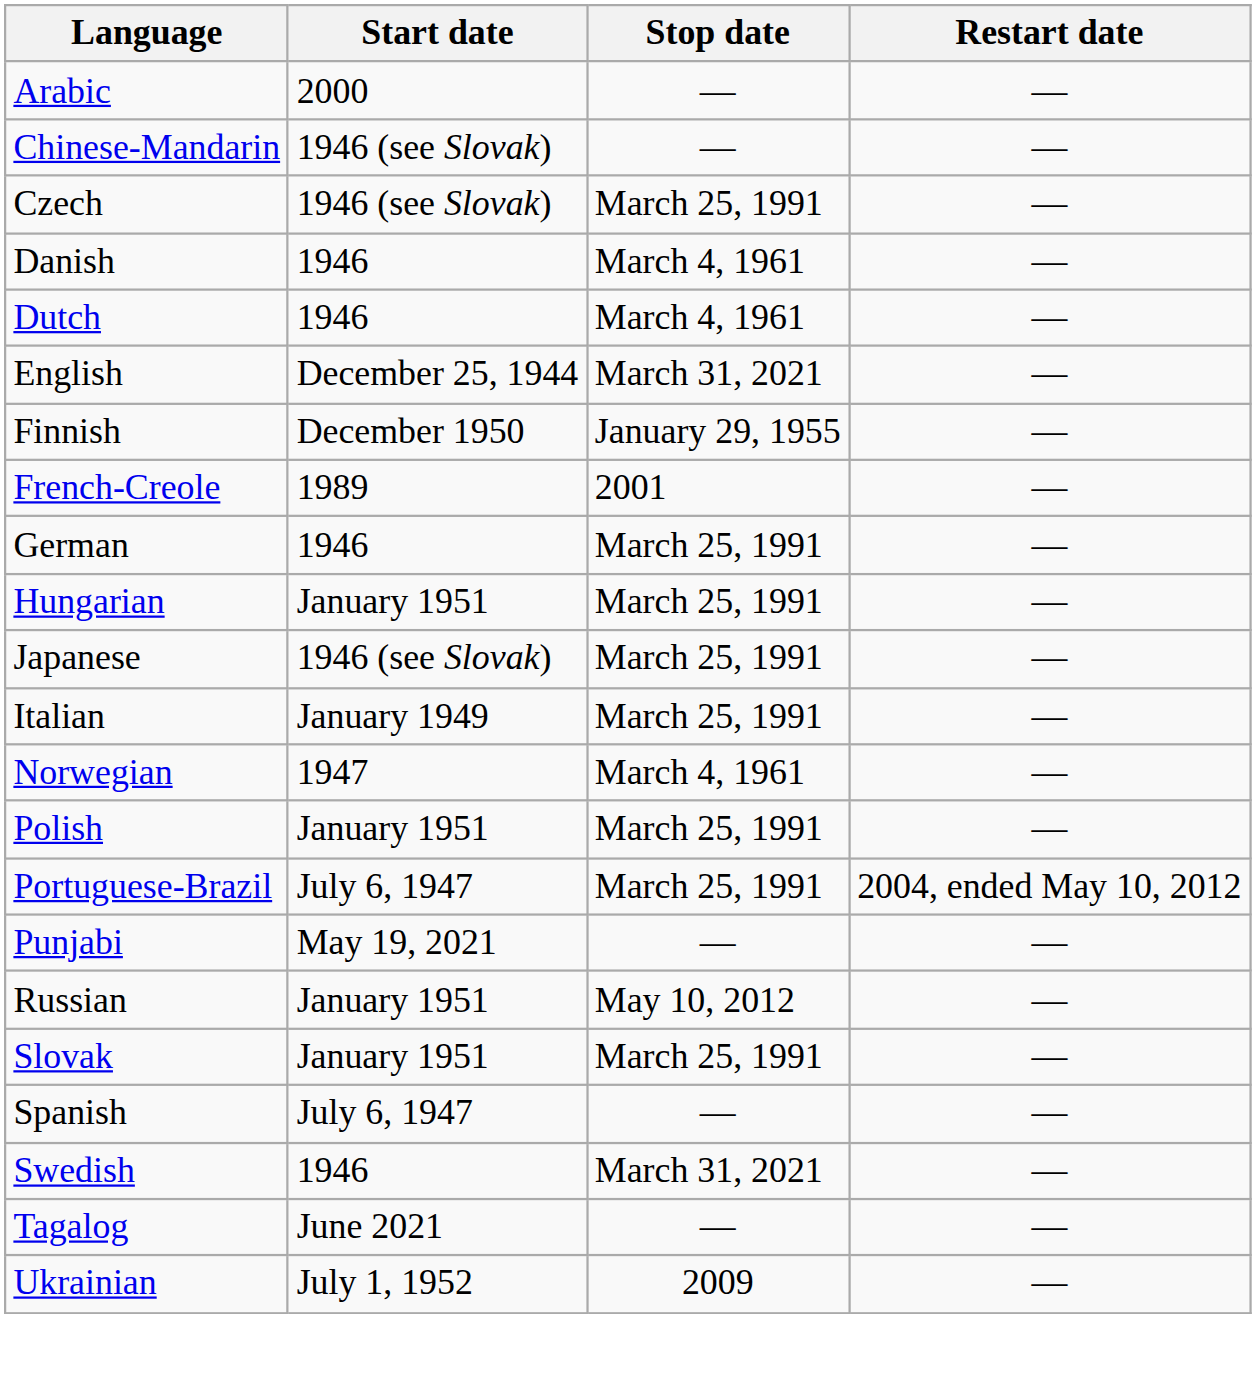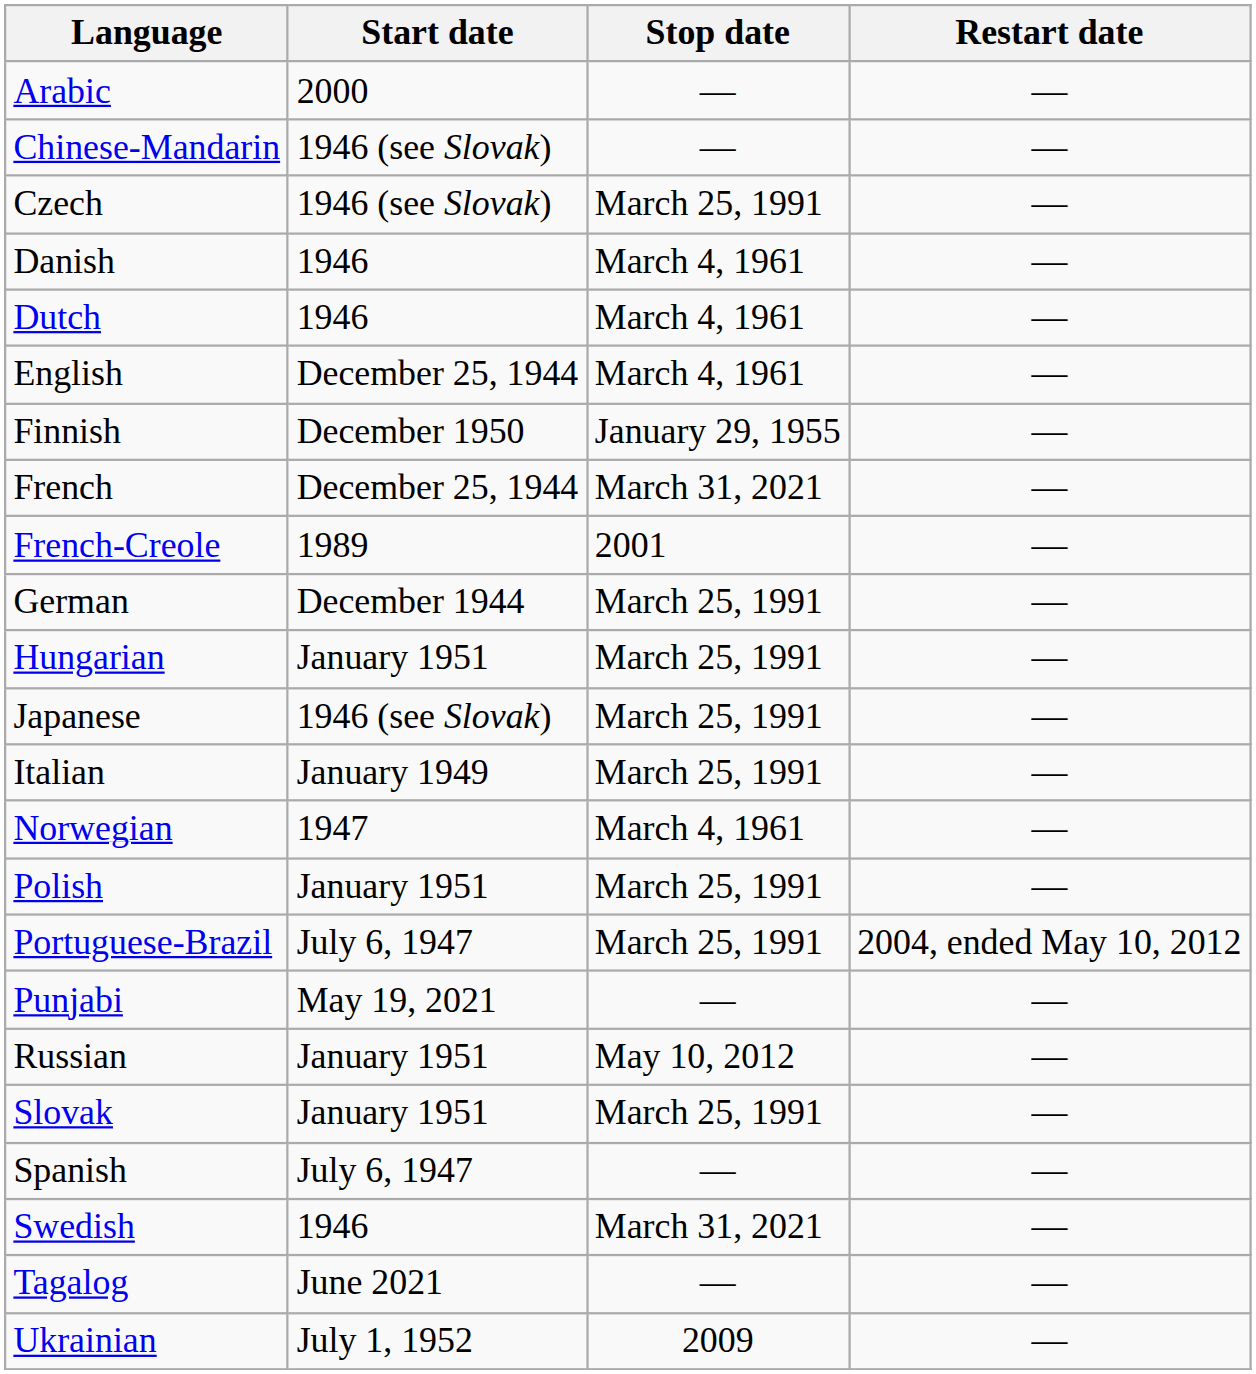 <table class="wikitable" Style="text-align: left; vertical-align: top;">
 <tr>
 <th>Language</th>
 <th>Start date</th>
 <th>Stop date</th>
 <th>Restart date</th>
 </tr>
 <tr>
 <td><a href='#'>Arabic</a></td>
 <td>2000</td>
 <td style="text-align: center;">—</td>
 <td style="text-align: center;">—</td>
 </tr>
 <tr>
 <td><a href='#'>Chinese-Mandarin</a></td>
 <td>1946 (see <em>Slovak</em>)</td>
 <td style="text-align: center;">—</td>
 <td style="text-align: center;">—</td>
 </tr>
 <tr>
 <td>Czech</td>
 <td>1946 (see <em>Slovak</em>)</td>
 <td>March 25, 1991</td>
 <td style="text-align: center;">—</td>
 </tr>
 <tr>
 <td>Danish</td>
 <td>1946</td>
 <td>March 4, 1961</td>
 <td style="text-align: center;">—</td>
 </tr>
 <tr>
 <td><a href='#'>Dutch</a></td>
 <td>1946</td>
 <td>March 4, 1961</td>
 <td style="text-align: center;">—</td>
 </tr>
 <tr>
 <td>English</td>
 <td>December 25, 1944</td>
-<td>March 31, 2021</td>
+<td>March 4, 1961</td>
 <td style="text-align: center;">—</td>
 </tr>
 <tr>
 <td>Finnish</td>
 <td>December 1950</td>
 <td>January 29, 1955</td>
+<td style="text-align: center;">—</td>
+</tr>
+<tr>
+<td>French</td>
+<td>December 25, 1944</td>
+<td>March 31, 2021</td>
 <td style="text-align: center;">—</td>
 </tr>
 <tr>
 <td><a href='#'>French-Creole</a></td>
 <td>1989</td>
 <td>2001</td>
 <td style="text-align: center;">—</td>
 </tr>
 <tr>
 <td>German</td>
-<td>1946</td>
+<td>December 1944</td>
 <td>March 25, 1991</td>
 <td style="text-align: center;">—</td>
 </tr>
 <tr>
 <td><a href='#'>Hungarian</a></td>
 <td>January 1951</td>
 <td>March 25, 1991</td>
 <td style="text-align: center;">—</td>
 </tr>
 <tr>
 <td>Japanese</td>
 <td>1946 (see <em>Slovak</em>)</td>
 <td>March 25, 1991</td>
 <td style="text-align: center;">—</td>
 </tr>
 <tr>
 <td>Italian</td>
 <td>January 1949</td>
 <td>March 25, 1991</td>
 <td style="text-align: center;">—</td>
 </tr>
 <tr>
 <td><a href='#'>Norwegian</a></td>
 <td>1947</td>
 <td>March 4, 1961</td>
 <td style="text-align: center;">—</td>
 </tr>
 <tr>
 <td><a href='#'>Polish</a></td>
 <td>January 1951</td>
 <td>March 25, 1991</td>
 <td style="text-align: center;">—</td>
 </tr>
 <tr>
 <td><a href='#'>Portuguese-Brazil</a></td>
 <td>July 6, 1947</td>
 <td>March 25, 1991</td>
 <td>2004, ended May 10, 2012</td>
 </tr>
 <tr>
 <td><a href='#'>Punjabi</a></td>
 <td>May 19, 2021</td>
 <td style="text-align: center;">—</td>
 <td style="text-align: center;">—</td>
 </tr>
 <tr>
 <td>Russian</td>
 <td>January 1951</td>
 <td>May 10, 2012</td>
 <td style="text-align: center;">—</td>
 </tr>
 <tr>
 <td><a href='#'>Slovak</a></td>
 <td>January 1951</td>
 <td>March 25, 1991</td>
 <td style="text-align: center;">—</td>
 </tr>
 <tr>
 <td>Spanish</td>
 <td>July 6, 1947</td>
 <td style="text-align: center;">—</td>
 <td style="text-align: center;">—</td>
 </tr>
 <tr>
 <td><a href='#'>Swedish</a></td>
 <td>1946</td>
 <td>March 31, 2021</td>
 <td style="text-align: center;">—</td>
 </tr>
 <tr>
 <td><a href='#'>Tagalog</a></td>
 <td>June 2021</td>
 <td style="text-align: center;">—</td>
 <td style="text-align: center;">—</td>
 </tr>
 <tr>
 <td><a href='#'>Ukrainian</a></td>
 <td>July 1, 1952</td>
 <td style="text-align: center;">2009</td>
 <td style="text-align: center;">—</td>
 </tr>
 </table>
